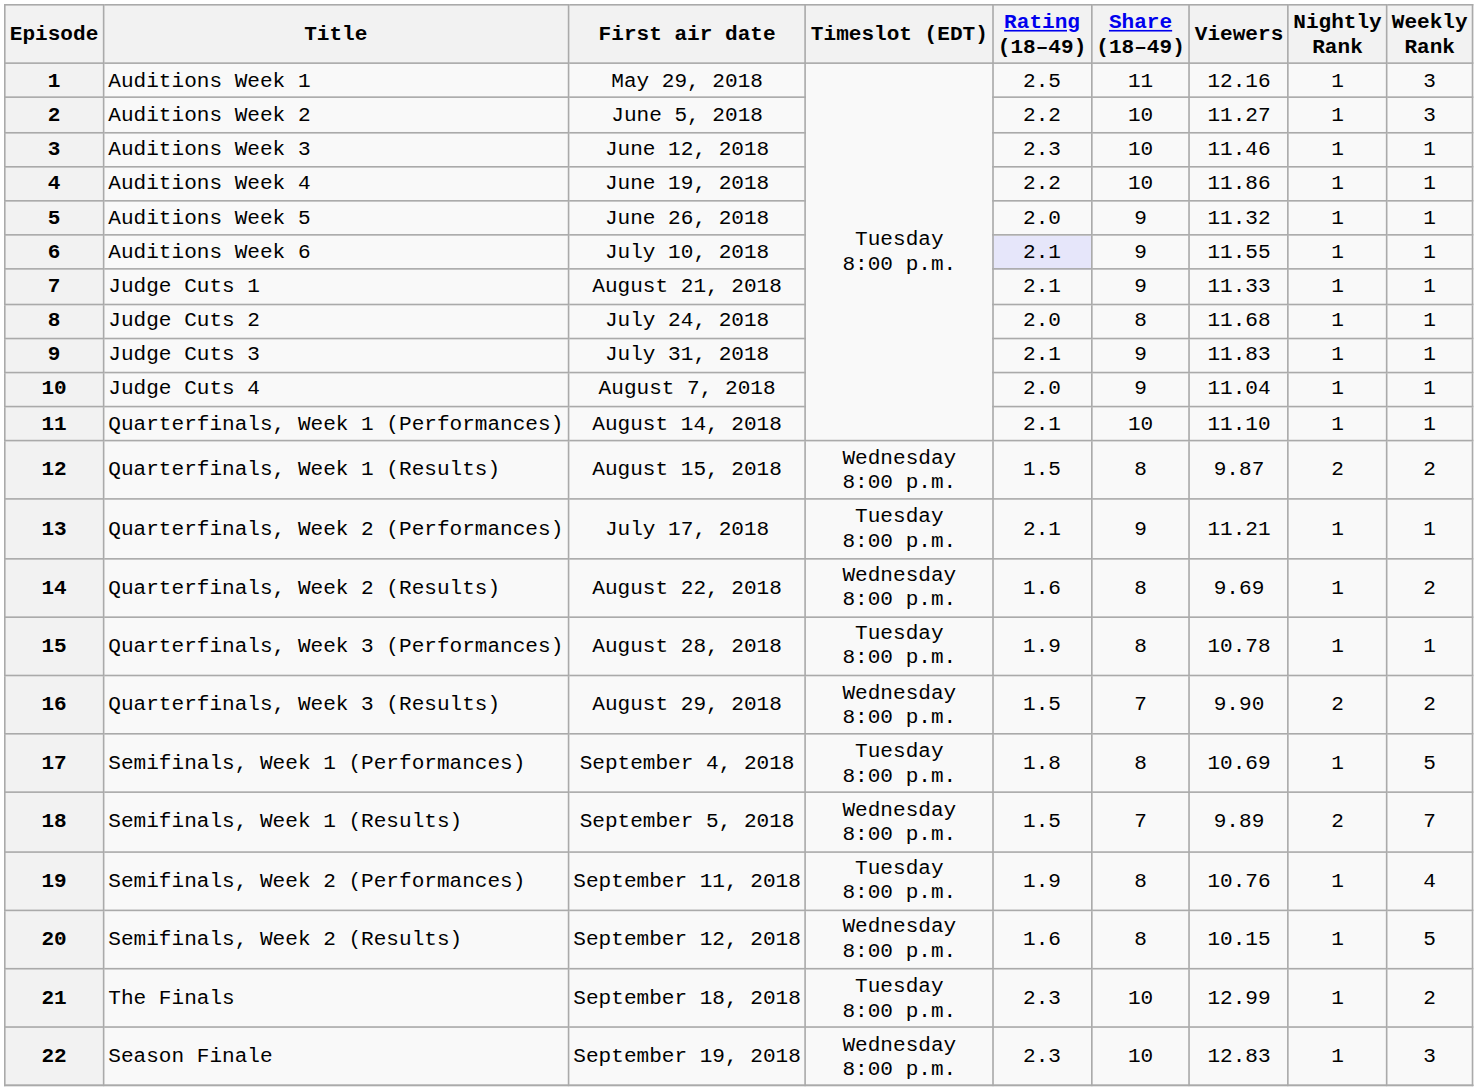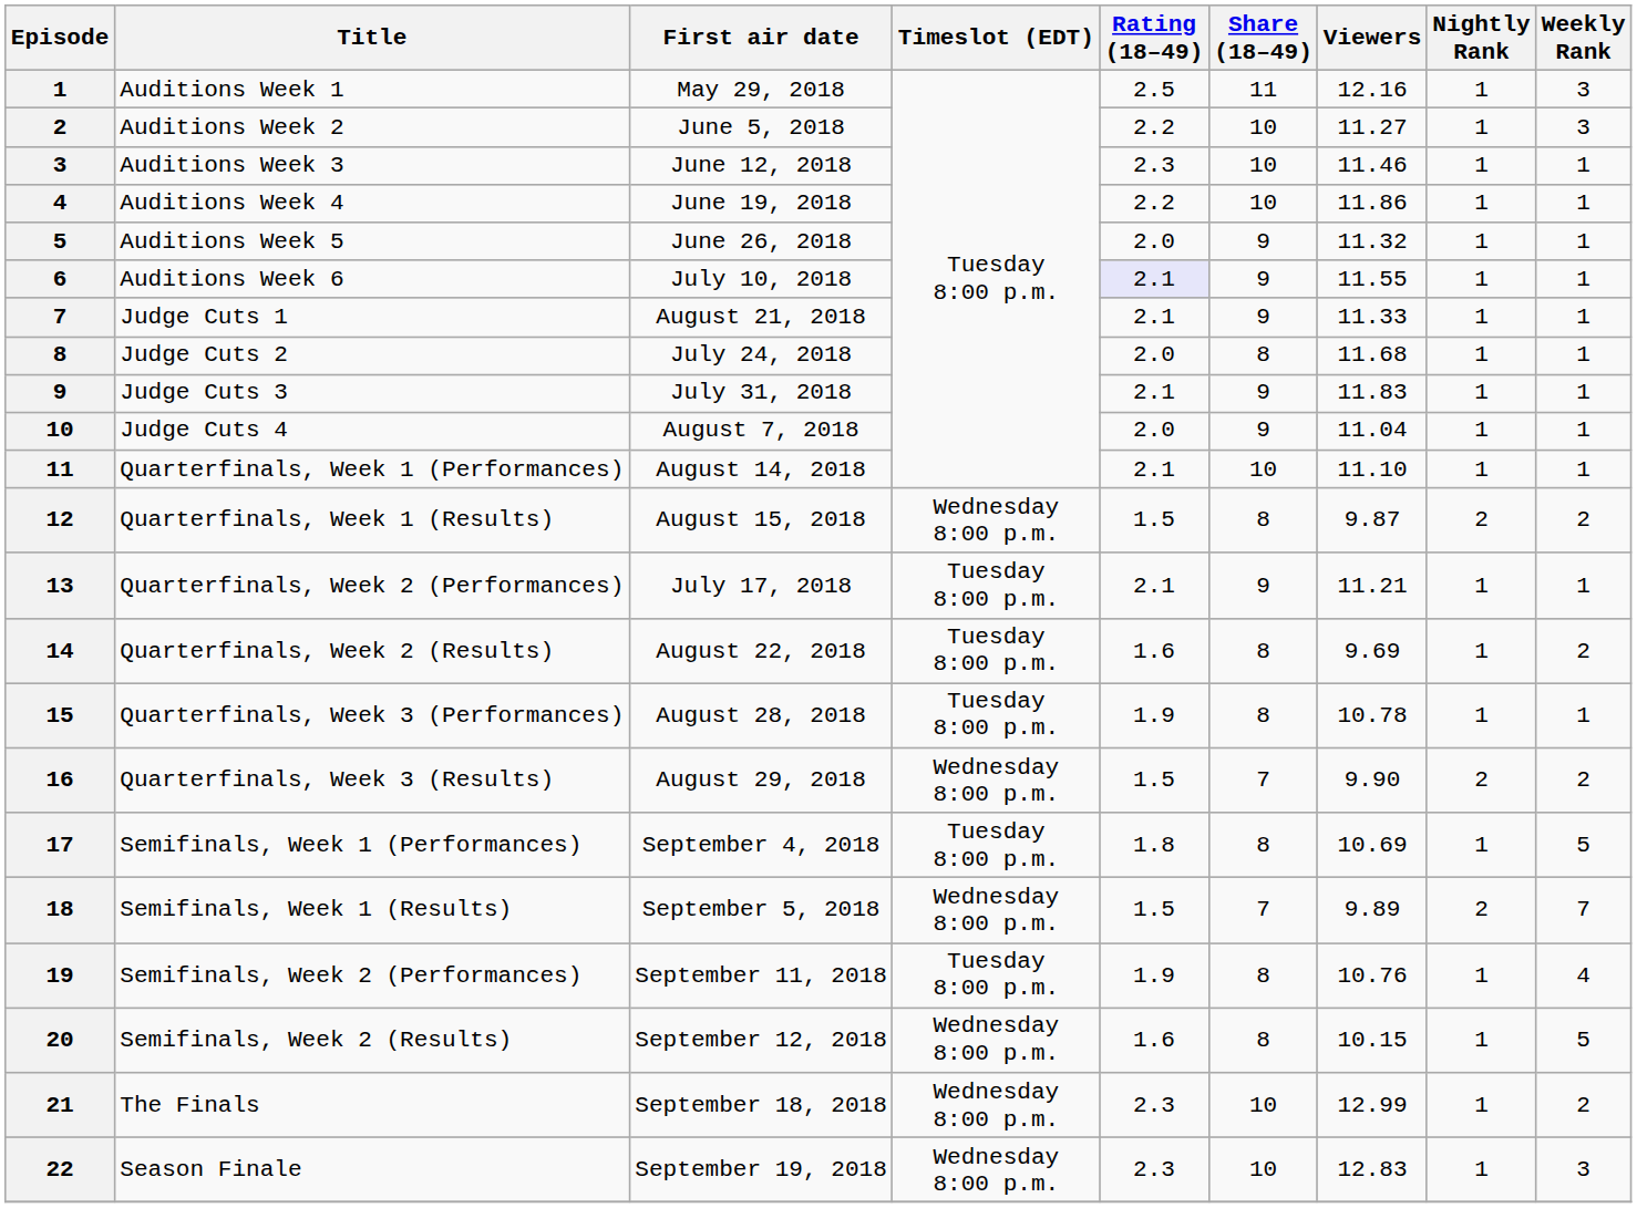 <table class="wikitable" style="text-align:center">
 <tr>
 <th>Episode</th>
 <th>Title</th>
 <th>First air date</th>
 <th>Timeslot (EDT)</th>
 <th><a href='#'>Rating</a><br>(18–49)</th>
 <th><a href='#'>Share</a><br>(18–49)</th>
 <th>Viewers<br></th>
 <th>Nightly<br>Rank</th>
 <th>Weekly<br>Rank</th>
 </tr>
 <tr>
 <th>1</th>
 <td style="text-align:left;">Auditions Week 1</td>
 <td>May 29, 2018</td>
 <td rowspan="11">Tuesday<br>8:00 p.m.</td>
 <td>2.5</td>
 <td>11</td>
 <td>12.16</td>
 <td>1</td>
 <td>3</td>
 </tr>
 <tr>
 <th>2</th>
 <td style="text-align:left;">Auditions Week 2</td>
 <td>June 5, 2018</td>
 <td>2.2</td>
 <td>10</td>
 <td>11.27</td>
 <td>1</td>
 <td>3</td>
 </tr>
 <tr>
 <th>3</th>
 <td style="text-align:left;">Auditions Week 3</td>
 <td>June 12, 2018</td>
 <td>2.3</td>
 <td>10</td>
 <td>11.46</td>
 <td>1</td>
 <td>1</td>
 </tr>
 <tr>
 <th>4</th>
 <td style="text-align:left;">Auditions Week 4</td>
 <td>June 19, 2018</td>
 <td>2.2</td>
 <td>10</td>
 <td>11.86</td>
 <td>1</td>
 <td>1</td>
 </tr>
 <tr>
 <th>5</th>
 <td style="text-align:left;">Auditions Week 5</td>
 <td>June 26, 2018</td>
 <td>2.0</td>
 <td>9</td>
 <td>11.32</td>
 <td>1</td>
 <td>1</td>
 </tr>
 <tr>
 <th>6</th>
 <td style="text-align:left;">Auditions Week 6</td>
 <td>July 10, 2018</td>
 <td style="background: lavender;">2.1</td>
 <td>9</td>
 <td>11.55</td>
 <td>1</td>
 <td>1</td>
 </tr>
 <tr>
 <th>7</th>
 <td style="text-align:left;">Judge Cuts 1</td>
 <td>August 21, 2018</td>
 <td>2.1</td>
 <td>9</td>
 <td>11.33</td>
 <td>1</td>
 <td>1</td>
 </tr>
 <tr>
 <th>8</th>
 <td style="text-align:left;">Judge Cuts 2</td>
 <td>July 24, 2018</td>
 <td>2.0</td>
 <td>8</td>
 <td>11.68</td>
 <td>1</td>
 <td>1</td>
 </tr>
 <tr>
 <th>9</th>
 <td style="text-align:left;">Judge Cuts 3</td>
 <td>July 31, 2018</td>
 <td>2.1</td>
 <td>9</td>
 <td>11.83</td>
 <td>1</td>
 <td>1</td>
 </tr>
 <tr>
 <th>10</th>
 <td style="text-align:left;">Judge Cuts 4</td>
 <td>August 7, 2018</td>
 <td>2.0</td>
 <td>9</td>
 <td>11.04</td>
 <td>1</td>
 <td>1</td>
 </tr>
 <tr>
 <th>11</th>
 <td style="text-align:left;">Quarterfinals, Week 1 (Performances)</td>
 <td>August 14, 2018</td>
 <td>2.1</td>
 <td>10</td>
 <td>11.10</td>
 <td>1</td>
 <td>1</td>
 </tr>
 <tr>
 <th>12</th>
 <td style="text-align:left;">Quarterfinals, Week 1 (Results)</td>
 <td>August 15, 2018</td>
 <td>Wednesday<br>8:00 p.m.</td>
 <td>1.5</td>
 <td>8</td>
 <td>9.87</td>
 <td>2</td>
 <td>2</td>
 </tr>
 <tr>
 <th>13</th>
 <td style="text-align:left;">Quarterfinals, Week 2 (Performances)</td>
 <td>July 17, 2018</td>
 <td>Tuesday<br>8:00 p.m.</td>
 <td>2.1</td>
 <td>9</td>
 <td>11.21</td>
 <td>1</td>
 <td>1</td>
 </tr>
 <tr>
 <th>14</th>
 <td style="text-align:left;">Quarterfinals, Week 2 (Results)</td>
 <td>August 22, 2018</td>
-<td>Wednesday<br>8:00 p.m.</td>
+<td>Tuesday<br>8:00 p.m.</td>
 <td>1.6</td>
 <td>8</td>
 <td>9.69</td>
 <td>1</td>
 <td>2</td>
 </tr>
 <tr>
 <th>15</th>
 <td style="text-align:left;">Quarterfinals, Week 3 (Performances)</td>
 <td>August 28, 2018</td>
 <td>Tuesday<br>8:00 p.m.</td>
 <td>1.9</td>
 <td>8</td>
 <td>10.78</td>
 <td>1</td>
 <td>1</td>
 </tr>
 <tr>
 <th>16</th>
 <td style="text-align:left;">Quarterfinals, Week 3 (Results)</td>
 <td>August 29, 2018</td>
 <td>Wednesday<br>8:00 p.m.</td>
 <td>1.5</td>
 <td>7</td>
 <td>9.90</td>
 <td>2</td>
 <td>2</td>
 </tr>
 <tr>
 <th>17</th>
 <td style="text-align:left;">Semifinals, Week 1 (Performances)</td>
 <td>September 4, 2018</td>
 <td>Tuesday<br>8:00 p.m.</td>
 <td>1.8</td>
 <td>8</td>
 <td>10.69</td>
 <td>1</td>
 <td>5</td>
 </tr>
 <tr>
 <th>18</th>
 <td style="text-align:left;">Semifinals, Week 1 (Results)</td>
 <td>September 5, 2018</td>
 <td>Wednesday<br>8:00 p.m.</td>
 <td>1.5</td>
 <td>7</td>
 <td>9.89</td>
 <td>2</td>
 <td>7</td>
 </tr>
 <tr>
 <th>19</th>
 <td style="text-align:left;">Semifinals, Week 2 (Performances)</td>
 <td>September 11, 2018</td>
 <td>Tuesday<br>8:00 p.m.</td>
 <td>1.9</td>
 <td>8</td>
 <td>10.76</td>
 <td>1</td>
 <td>4</td>
 </tr>
 <tr>
 <th>20</th>
 <td style="text-align:left;">Semifinals, Week 2 (Results)</td>
 <td>September 12, 2018</td>
 <td>Wednesday<br>8:00 p.m.</td>
 <td>1.6</td>
 <td>8</td>
 <td>10.15</td>
 <td>1</td>
 <td>5</td>
 </tr>
 <tr>
 <th>21</th>
 <td style="text-align:left;">The Finals</td>
 <td>September 18, 2018</td>
-<td>Tuesday<br>8:00 p.m.</td>
+<td>Wednesday<br>8:00 p.m.</td>
 <td>2.3</td>
 <td>10</td>
 <td>12.99</td>
 <td>1</td>
 <td>2</td>
 </tr>
 <tr>
 <th>22</th>
 <td style="text-align:left;">Season Finale</td>
 <td>September 19, 2018</td>
 <td>Wednesday<br>8:00 p.m.</td>
 <td>2.3</td>
 <td>10</td>
 <td>12.83</td>
 <td>1</td>
 <td>3</td>
 </tr>
 <tr>
 </tr>
 </table>
